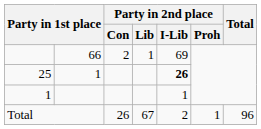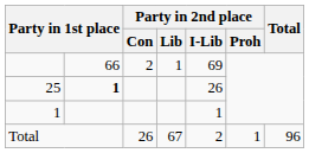 <table class="wikitable" style="text-align:right;">
 <tr>
 <th rowspan="2" colspan="2" style="text-align:left;">Party in 1st place</th>
 <th colspan="4">Party in 2nd place</th>
 <th rowspan="2">Total</th>
 </tr>
 <tr>
 <th>Con</th>
 <th>Lib</th>
 <th>I-Lib</th>
 <th>Proh</th>
 </tr>
 <tr>
 <td></td>
 <td>66</td>
 <td>2</td>
 <td>1</td>
 <td>69</td>
 </tr>
 <tr>
 <td>25</td>
-<td>1</td>
+<td><strong>1</strong></td>
 <td></td>
 <td></td>
-<td><strong>26</strong></td>
+<td>26</td>
 </tr>
 <tr>
 <td>1</td>
 <td></td>
 <td></td>
 <td></td>
 <td>1</td>
 </tr>
 <tr>
 <td colspan="2" style="text-align:left;">Total</td>
 <td>26</td>
 <td>67</td>
 <td>2</td>
 <td>1</td>
 <td>96</td>
 </tr>
 </table>
